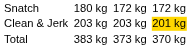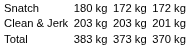 <table>
 <tr>
 <td>Snatch</td>
 <td></td>
 <td>180 kg</td>
 <td></td>
 <td>172 kg</td>
 <td></td>
 <td>172 kg</td>
 </tr>
 <tr>
 <td>Clean & Jerk</td>
 <td></td>
 <td>203 kg</td>
 <td></td>
 <td>203 kg</td>
 <td></td>
-<td style="background: gold;">201 kg</td>
+<td>201 kg</td>
 </tr>
 <tr>
 <td>Total</td>
 <td></td>
 <td>383 kg</td>
 <td></td>
 <td>373 kg</td>
 <td></td>
 <td>370 kg</td>
 </tr>
 </table>
